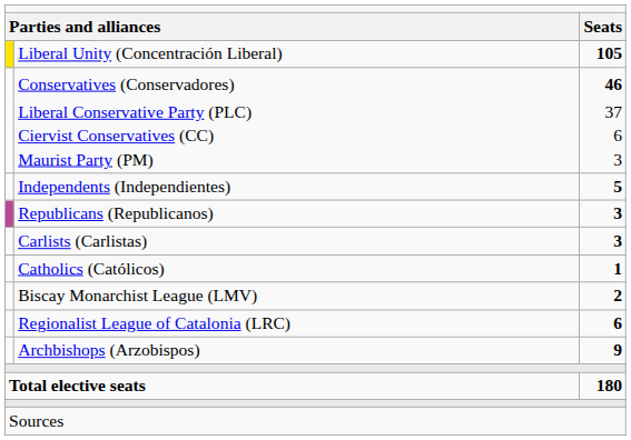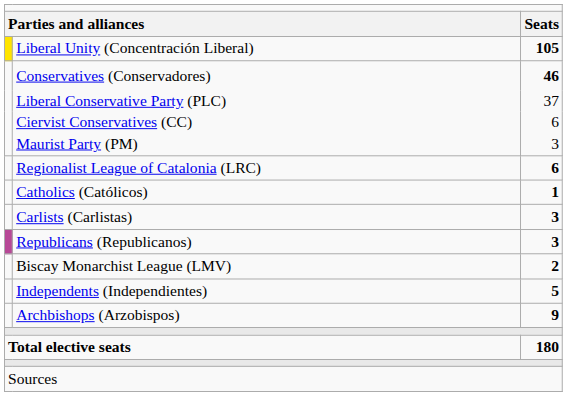 <table class="wikitable" style="text-align:right;">
 <tr>
 <td colspan="3"></td>
 </tr>
 <tr>
 <th style="text-align:left;" colspan="2" width="525">Parties and alliances</th>
 <th width="35">Seats</th>
 </tr>
 <tr>
 <td width="1" style="color:inherit;background:#FFE400"></td>
 <td align="left"><a href='#'>Liberal Unity</a> (Concentración Liberal)</td>
 <td><strong>105</strong></td>
 </tr>
 <tr style="line-height:23px;">
 <td rowspan="4" style="color:inherit;background:"></td>
 <td align="left"><a href='#'>Conservatives</a> (Conservadores)</td>
 <td><strong>46</strong></td>
 </tr>
 <tr style="border-bottom-style:hidden; border-top-style:hidden; line-height:16px;">
 <td align="left"><span><a href='#'>Liberal Conservative Party</a> (PLC)</span></td>
 <td>37</td>
 </tr>
 <tr style="border-bottom-style:hidden; line-height:16px;">
 <td align="left"><span><a href='#'>Ciervist Conservatives</a> (CC)</span></td>
 <td>6</td>
 </tr>
 <tr style="line-height:16px;">
 <td align="left"><span><a href='#'>Maurist Party</a> (PM)</span></td>
 <td>3</td>
 </tr>
 <tr>
 <td style="color:inherit;background:"></td>
-<td align="left"><a href='#'>Independents</a> (Independientes)</td>
-<td><strong>5</strong></td>
+<td align="left"><a href='#'>Regionalist League of Catalonia</a> (LRC)</td>
+<td><strong>6</strong></td>
+</tr>
+<tr>
+<td style="color:inherit;background:"></td>
+<td align="left"><a href='#'>Catholics</a> (Católicos)</td>
+<td><strong>1</strong></td>
+</tr>
+<tr>
+<td style="color:inherit;background:"></td>
+<td align="left"><a href='#'>Carlists</a> (Carlistas)</td>
+<td><strong>3</strong></td>
 </tr>
 <tr>
 <td style="color:inherit;background:#B74896"></td>
 <td align="left"><a href='#'>Republicans</a> (Republicanos)</td>
 <td><strong>3</strong></td>
 </tr>
 <tr>
 <td style="color:inherit;background:"></td>
-<td align="left"><a href='#'>Carlists</a> (Carlistas)</td>
-<td><strong>3</strong></td>
-</tr>
-<tr>
-<td style="color:inherit;background:"></td>
-<td align="left"><a href='#'>Catholics</a> (Católicos)</td>
-<td><strong>1</strong></td>
-</tr>
-<tr>
-<td style="color:inherit;background:"></td>
 <td align="left">Biscay Monarchist League (LMV)</td>
 <td><strong>2</strong></td>
 </tr>
 <tr>
 <td style="color:inherit;background:"></td>
-<td align="left"><a href='#'>Regionalist League of Catalonia</a> (LRC)</td>
-<td><strong>6</strong></td>
+<td align="left"><a href='#'>Independents</a> (Independientes)</td>
+<td><strong>5</strong></td>
 </tr>
 <tr>
 <td style="color:inherit;background:"></td>
 <td align="left"><a href='#'>Archbishops</a> (Arzobispos)</td>
 <td><strong>9</strong></td>
 </tr>
 <tr>
 <td colspan="3" bgcolor="#E9E9E9"></td>
 </tr>
 <tr style="font-weight:bold;">
 <td align="left" colspan="2">Total elective seats</td>
 <td>180</td>
 </tr>
 <tr>
 <td colspan="3" bgcolor="#E9E9E9"></td>
 </tr>
 <tr>
 <td align="left" colspan="3">Sources</td>
 </tr>
 </table>
